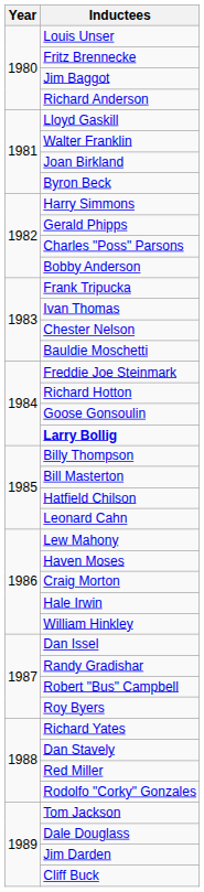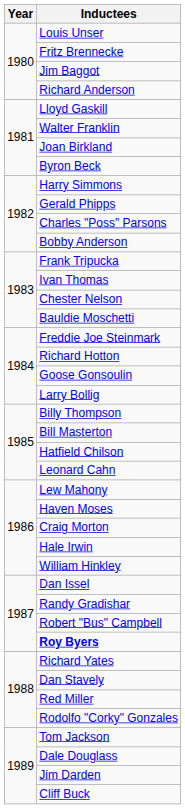 <table class="wikitable">
 <tr>
 <th>Year</th>
 <th colspan="6">Inductees</th>
 </tr>
 <tr>
 <td rowspan="4">1980</td>
 <td><a href='#'>Louis Unser</a></td>
 </tr>
 <tr>
 <td><a href='#'>Fritz Brennecke</a></td>
 </tr>
 <tr>
 <td><a href='#'>Jim Baggot</a></td>
 </tr>
 <tr>
 <td><a href='#'>Richard Anderson</a></td>
 </tr>
 <tr>
 <td rowspan="4">1981</td>
 <td><a href='#'>Lloyd Gaskill</a></td>
 </tr>
 <tr>
 <td><a href='#'>Walter Franklin</a></td>
 </tr>
 <tr>
 <td><a href='#'>Joan Birkland</a></td>
 </tr>
 <tr>
 <td><a href='#'>Byron Beck</a></td>
 </tr>
 <tr>
 <td rowspan="4">1982</td>
 <td><a href='#'>Harry Simmons</a></td>
 </tr>
 <tr>
 <td><a href='#'>Gerald Phipps</a></td>
 </tr>
 <tr>
 <td><a href='#'>Charles "Poss" Parsons</a></td>
 </tr>
 <tr>
 <td><a href='#'>Bobby Anderson</a></td>
 </tr>
 <tr>
 <td rowspan="4">1983</td>
 <td><a href='#'>Frank Tripucka</a></td>
 </tr>
 <tr>
 <td><a href='#'>Ivan Thomas</a></td>
 </tr>
 <tr>
 <td><a href='#'>Chester Nelson</a></td>
 </tr>
 <tr>
 <td><a href='#'>Bauldie Moschetti</a></td>
 </tr>
 <tr>
 <td rowspan="4">1984</td>
 <td><a href='#'>Freddie Joe Steinmark</a></td>
 </tr>
 <tr>
 <td><a href='#'>Richard Hotton</a></td>
 </tr>
 <tr>
 <td><a href='#'>Goose Gonsoulin</a></td>
 </tr>
 <tr>
-<td><strong><a href='#'>Larry Bollig</a></strong></td>
+<td><a href='#'>Larry Bollig</a></td>
 </tr>
 <tr>
 <td rowspan="4">1985</td>
 <td><a href='#'>Billy Thompson</a></td>
 </tr>
 <tr>
 <td><a href='#'>Bill Masterton</a></td>
 </tr>
 <tr>
 <td><a href='#'>Hatfield Chilson</a></td>
 </tr>
 <tr>
 <td><a href='#'>Leonard Cahn</a></td>
 </tr>
 <tr>
 <td rowspan="5">1986</td>
 <td><a href='#'>Lew Mahony</a></td>
 </tr>
 <tr>
 <td><a href='#'>Haven Moses</a></td>
 </tr>
 <tr>
 <td><a href='#'>Craig Morton</a></td>
 </tr>
 <tr>
 <td><a href='#'>Hale Irwin</a></td>
 </tr>
 <tr>
 <td><a href='#'>William Hinkley</a></td>
 </tr>
 <tr>
 <td rowspan="4">1987</td>
 <td><a href='#'>Dan Issel</a></td>
 </tr>
 <tr>
 <td><a href='#'>Randy Gradishar</a></td>
 </tr>
 <tr>
 <td><a href='#'>Robert "Bus" Campbell</a></td>
 </tr>
 <tr>
-<td><a href='#'>Roy Byers</a></td>
+<td><strong><a href='#'>Roy Byers</a></strong></td>
 </tr>
 <tr>
 <td rowspan="4">1988</td>
 <td><a href='#'>Richard Yates</a></td>
 </tr>
 <tr>
 <td><a href='#'>Dan Stavely</a></td>
 </tr>
 <tr>
 <td><a href='#'>Red Miller</a></td>
 </tr>
 <tr>
 <td><a href='#'>Rodolfo "Corky" Gonzales</a></td>
 </tr>
 <tr>
 <td rowspan="4">1989</td>
 <td><a href='#'>Tom Jackson</a></td>
 </tr>
 <tr>
 <td><a href='#'>Dale Douglass</a></td>
 </tr>
 <tr>
 <td><a href='#'>Jim Darden</a></td>
 </tr>
 <tr>
 <td><a href='#'>Cliff Buck</a></td>
 </tr>
 </table>
